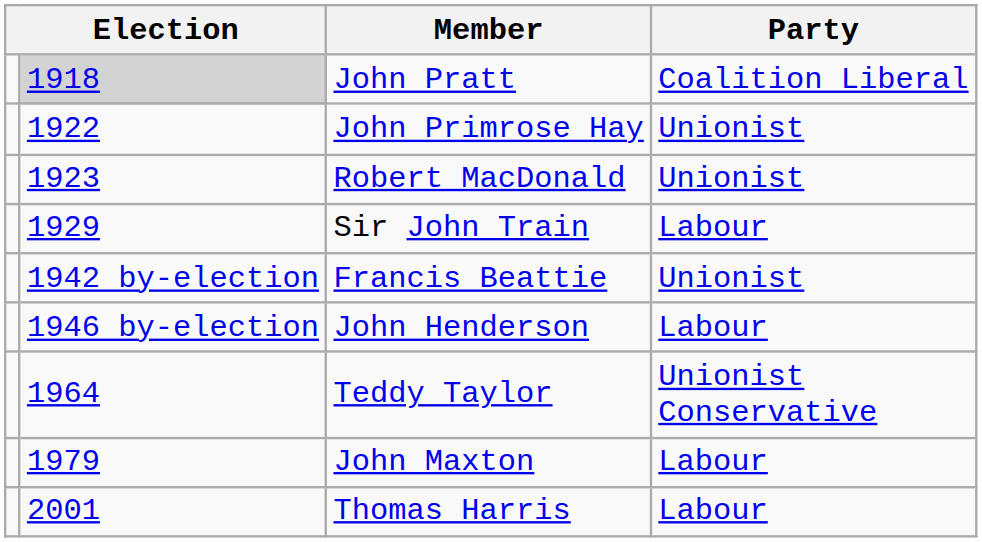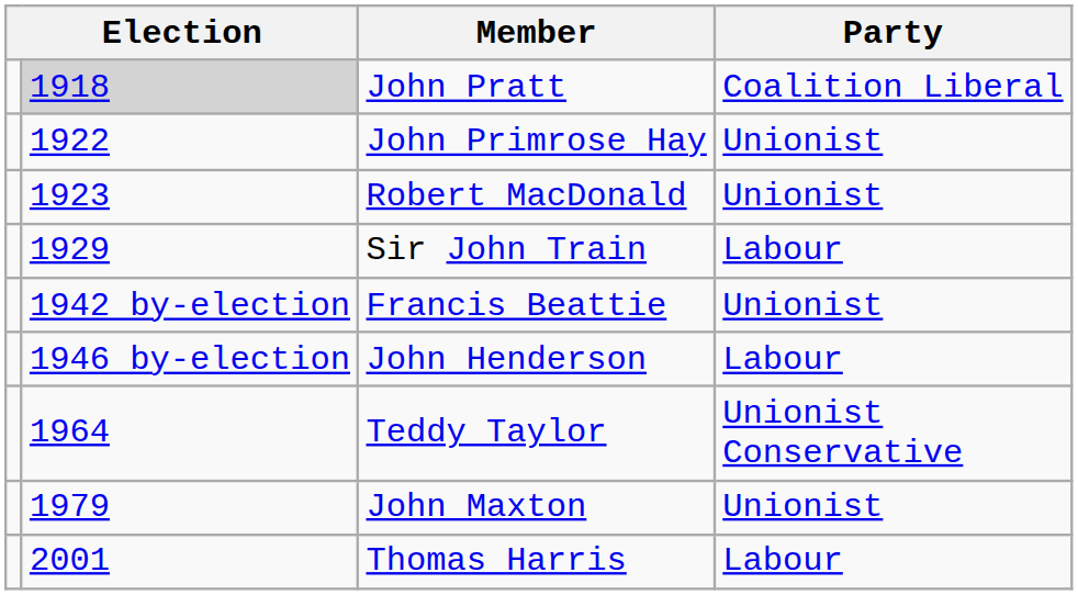 <table class="wikitable">
 <tr>
 <th colspan="2">Election</th>
 <th>Member</th>
 <th>Party</th>
 </tr>
 <tr>
 <td style="color:inherit;background-color: "></td>
 <td style="background: lightgrey;"><a href='#'>1918</a></td>
 <td><a href='#'>John Pratt</a></td>
 <td><a href='#'>Coalition Liberal</a></td>
 </tr>
 <tr>
 <td style="color:inherit;background-color: "></td>
 <td><a href='#'>1922</a></td>
 <td><a href='#'>John Primrose Hay</a></td>
 <td><a href='#'>Unionist</a></td>
 </tr>
 <tr>
 <td style="color:inherit;background-color: "></td>
 <td><a href='#'>1923</a></td>
 <td><a href='#'>Robert MacDonald</a></td>
 <td><a href='#'>Unionist</a></td>
 </tr>
 <tr>
 <td style="color:inherit;background-color: "></td>
 <td><a href='#'>1929</a></td>
 <td>Sir <a href='#'>John Train</a></td>
 <td><a href='#'>Labour</a></td>
 </tr>
 <tr>
 <td style="color:inherit;background-color: "></td>
 <td><a href='#'>1942 by-election</a></td>
 <td><a href='#'>Francis Beattie</a></td>
 <td><a href='#'>Unionist</a></td>
 </tr>
 <tr>
 <td style="color:inherit;background-color: "></td>
 <td><a href='#'>1946 by-election</a></td>
 <td><a href='#'>John Henderson</a></td>
 <td><a href='#'>Labour</a></td>
 </tr>
 <tr>
 <td style="color:inherit;background-color: "></td>
 <td><a href='#'>1964</a></td>
 <td><a href='#'>Teddy Taylor</a></td>
 <td><a href='#'>Unionist</a><br><a href='#'>Conservative</a></td>
 </tr>
 <tr>
 <td style="color:inherit;background-color: "></td>
 <td><a href='#'>1979</a></td>
 <td><a href='#'>John Maxton</a></td>
-<td><a href='#'>Labour</a></td>
+<td><a href='#'>Unionist</a></td>
 </tr>
 <tr>
 <td style="color:inherit;background-color: "></td>
 <td><a href='#'>2001</a></td>
 <td><a href='#'>Thomas Harris</a></td>
 <td><a href='#'>Labour</a></td>
 </tr>
 </table>
